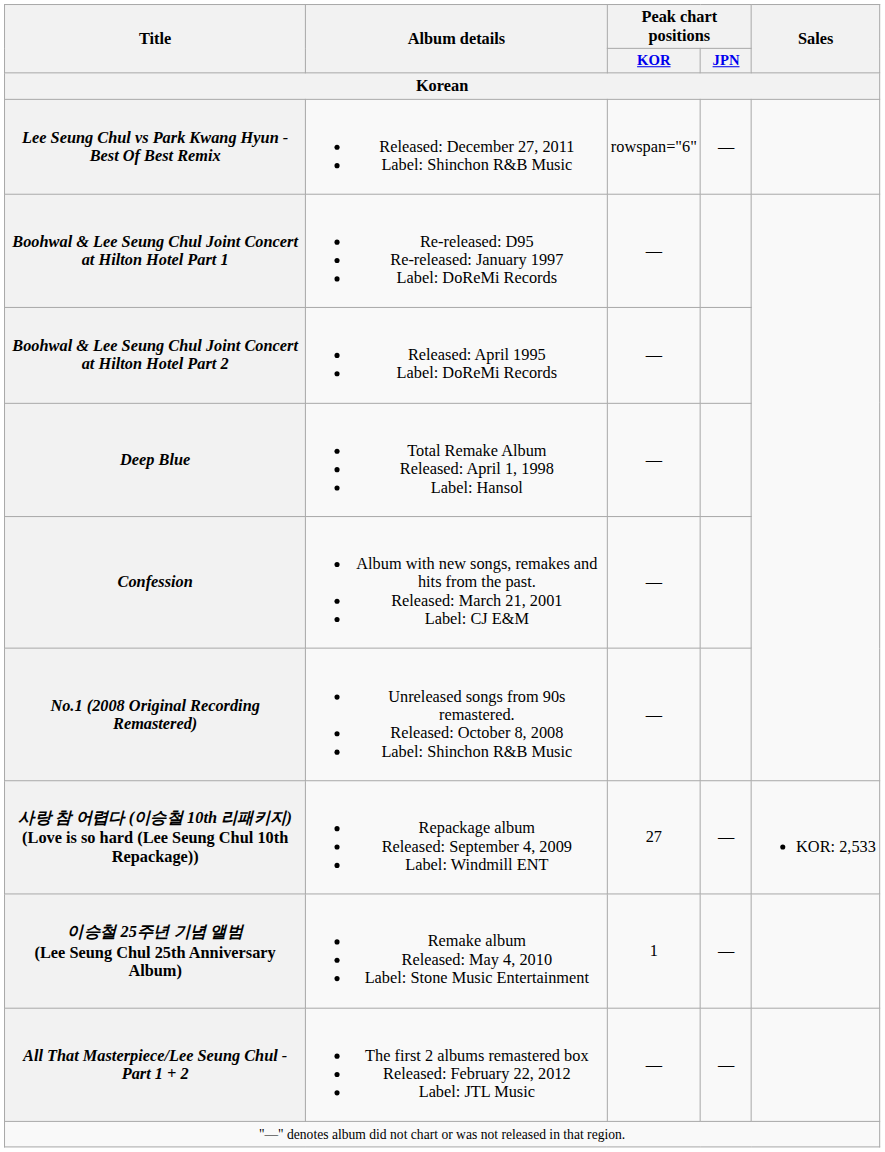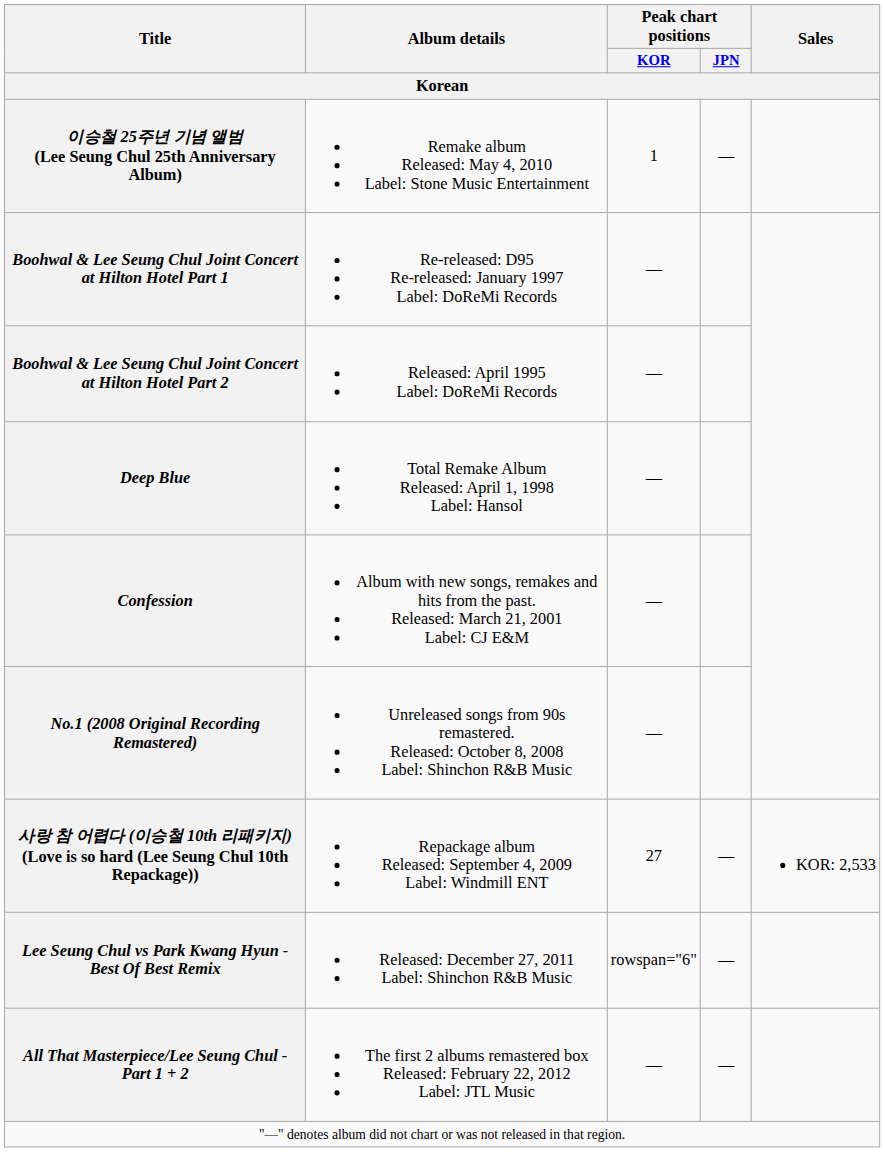 <table class="wikitable plainrowheaders" style="text-align:center;">
 <tr>
 <th scope="col" rowspan="2" style="width:18em;">Title</th>
 <th scope="col" rowspan="2" style="width:18em;">Album details</th>
 <th colspan="2" scope="col">Peak chart positions</th>
 <th scope="col" rowspan="2">Sales</th>
 </tr>
 <tr>
 <th style="width:3em;font-size:90%;"><a href='#'>KOR</a><br></th>
 <th style="width:3em;font-size:90%;"><a href='#'>JPN</a><br></th>
 </tr>
 <tr>
 <th colspan="5">Korean</th>
 </tr>
 <tr>
-<th scope="row"><em>Lee Seung Chul vs Park Kwang Hyun - Best Of Best Remix</em><br></th>
-<td><br><ul><li>Released: December 27, 2011</li><li>Label: Shinchon R&B Music</li></ul></td>
-<td>rowspan="6" </td>
+<th scope="row"><em>이승철 25주년 기념 앨범</em><br> (Lee Seung Chul 25th Anniversary Album)</th>
+<td><br><ul><li>Remake album</li><li>Released: May 4, 2010</li><li>Label: Stone Music Entertainment</li></ul></td>
+<td>1</td>
 <td>—</td>
 <td></td>
 </tr>
 <tr>
 <th scope="row"><em>Boohwal & Lee Seung Chul Joint Concert at Hilton Hotel Part 1</em><br></th>
 <td><br><ul><li>Re-released: D95</li><li>Re-released: January 1997</li><li>Label: DoReMi Records</li></ul></td>
 <td>—</td>
 <td></td>
 </tr>
 <tr>
 <th scope="row"><em>Boohwal & Lee Seung Chul Joint Concert at Hilton Hotel Part 2</em><br></th>
 <td><br><ul><li>Released: April 1995</li><li>Label: DoReMi Records</li></ul></td>
 <td>—</td>
 <td></td>
 </tr>
 <tr>
 <th scope="row"><em>Deep Blue</em></th>
 <td><br><ul><li>Total Remake Album</li><li>Released: April 1, 1998</li><li>Label:  Hansol</li></ul></td>
 <td>—</td>
 <td></td>
 </tr>
 <tr>
 <th scope="row"><em>Confession</em><br></th>
 <td><br><ul><li>Album with new songs, remakes and hits from the past.</li><li>Released: March 21, 2001</li><li>Label: CJ E&M</li></ul></td>
 <td>—</td>
 <td></td>
 </tr>
 <tr>
 <th scope="row"><em>No.1 (2008 Original Recording Remastered)</em></th>
 <td><br><ul><li>Unreleased songs from 90s remastered.</li><li>Released: October 8, 2008</li><li>Label:  Shinchon R&B Music</li></ul></td>
 <td>—</td>
 <td></td>
 </tr>
 <tr>
 <th scope="row"><em>사랑 참 어렵다 (이승철 10th 리패키지)</em><br> (Love is so hard (Lee Seung Chul 10th Repackage))</th>
 <td><br><ul><li>Repackage album</li><li>Released: September 4, 2009</li><li>Label:  Windmill ENT</li></ul></td>
 <td>27</td>
 <td>—</td>
 <td><br><ul><li>KOR: 2,533</li></ul></td>
 </tr>
 <tr>
-<th scope="row"><em>이승철 25주년 기념 앨범</em><br> (Lee Seung Chul 25th Anniversary Album)</th>
-<td><br><ul><li>Remake album</li><li>Released: May 4, 2010</li><li>Label: Stone Music Entertainment</li></ul></td>
-<td>1</td>
+<th scope="row"><em>Lee Seung Chul vs Park Kwang Hyun - Best Of Best Remix</em><br></th>
+<td><br><ul><li>Released: December 27, 2011</li><li>Label: Shinchon R&B Music</li></ul></td>
+<td>rowspan="6" </td>
 <td>—</td>
 <td></td>
 </tr>
 <tr>
 <th scope="row"><em>All That Masterpiece/Lee Seung Chul - Part 1 + 2</em><br></th>
 <td><br><ul><li>The first 2 albums remastered box</li><li>Released: February 22, 2012</li><li>Label: JTL Music</li></ul></td>
 <td>—</td>
 <td>—</td>
 <td></td>
 </tr>
 <tr>
 <td colspan="5"><small>"—" denotes album did not chart or was not released in that region.</small></td>
 </tr>
 </table>
